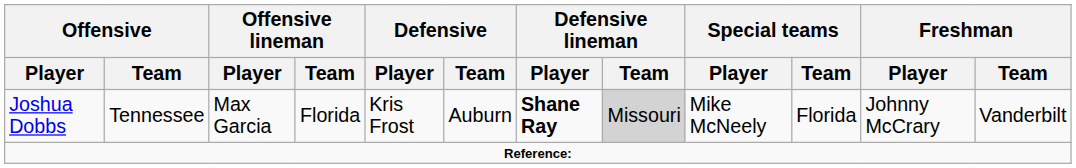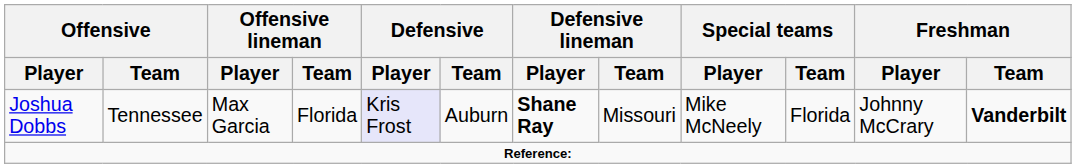 <table class="wikitable" border="1">
 <tr>
 <th colspan="2">Offensive</th>
 <th colspan="2">Offensive lineman</th>
 <th colspan="2">Defensive</th>
 <th colspan="2">Defensive lineman</th>
 <th colspan="2">Special teams</th>
 <th colspan="2">Freshman</th>
 </tr>
 <tr>
 <th>Player</th>
 <th>Team</th>
 <th>Player</th>
 <th>Team</th>
 <th>Player</th>
 <th>Team</th>
 <th>Player</th>
 <th>Team</th>
 <th>Player</th>
 <th>Team</th>
 <th>Player</th>
 <th>Team</th>
 </tr>
 <tr>
 <td><a href='#'>Joshua Dobbs</a></td>
 <td>Tennessee</td>
 <td>Max Garcia</td>
 <td>Florida</td>
-<td>Kris Frost</td>
+<td style="background: lavender;">Kris Frost</td>
 <td>Auburn</td>
 <td><strong>Shane Ray</strong></td>
-<td style="background: lightgrey;">Missouri</td>
+<td>Missouri</td>
 <td>Mike McNeely</td>
 <td>Florida</td>
 <td>Johnny McCrary</td>
-<td>Vanderbilt</td>
+<td><strong>Vanderbilt</strong></td>
 </tr>
 <tr>
 <td colspan="12" style="font-size: 8pt" align="center"><strong>Reference:</strong></td>
 </tr>
 </table>
